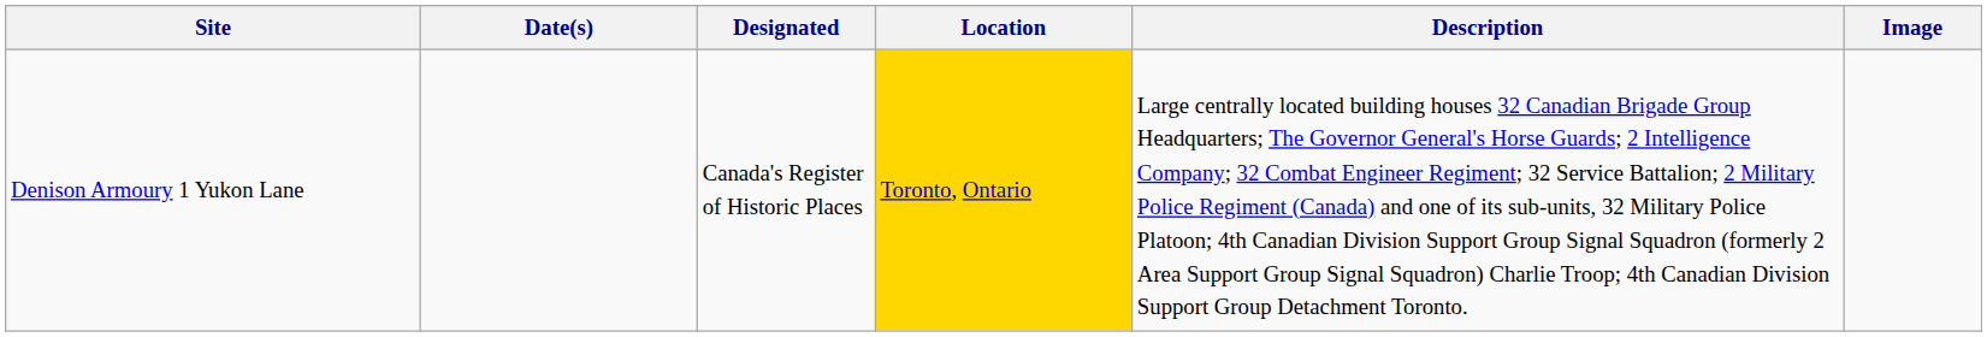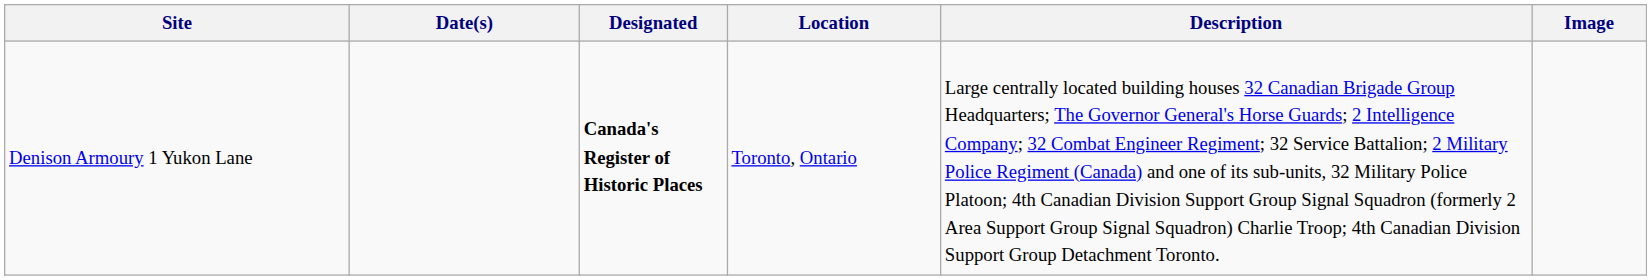 <table class="wikitable sortable" style="font-size:90%;width:100%;border:0px;text-align:left;line-height:150%;">
 <tr>
 <th style="background: #f2f2f2; color: #000080" width="21%">Site</th>
 <th style="background: #f2f2f2; color: #000080" width="14%">Date(s)</th>
 <th style="background: #f2f2f2; color: #000080" width="9%">Designated</th>
 <th style="background: #f2f2f2; color: #000080" width="13%">Location</th>
 <th style="background: #f2f2f2; color: #000080" width="36%" class="unsortable">Description</th>
 <th style="background: #f2f2f2; color: #000080" width="7%" class="unsortable">Image</th>
 </tr>
 <tr>
 <td><a href='#'>Denison Armoury</a> 1 Yukon Lane</td>
 <td></td>
-<td>Canada's Register of Historic Places</td>
-<td style="background: gold;"><a href='#'>Toronto</a>, <a href='#'>Ontario</a></td>
+<td><strong>Canada's Register of Historic Places</strong></td>
+<td><a href='#'>Toronto</a>, <a href='#'>Ontario</a></td>
 <td><br>Large centrally located building houses <a href='#'>32 Canadian Brigade Group</a> Headquarters; <a href='#'>The Governor General's Horse Guards</a>; <a href='#'>2 Intelligence Company</a>; <a href='#'>32 Combat Engineer Regiment</a>; 32 Service Battalion; <a href='#'>2 Military Police Regiment (Canada)</a> and one of its sub-units, 32 Military Police Platoon; 4th Canadian Division Support Group Signal Squadron (formerly 2 Area Support Group Signal Squadron) Charlie Troop; 4th Canadian Division Support Group Detachment Toronto.</td>
 <td></td>
 </tr>
 <tr>
 </tr>
 </table>
